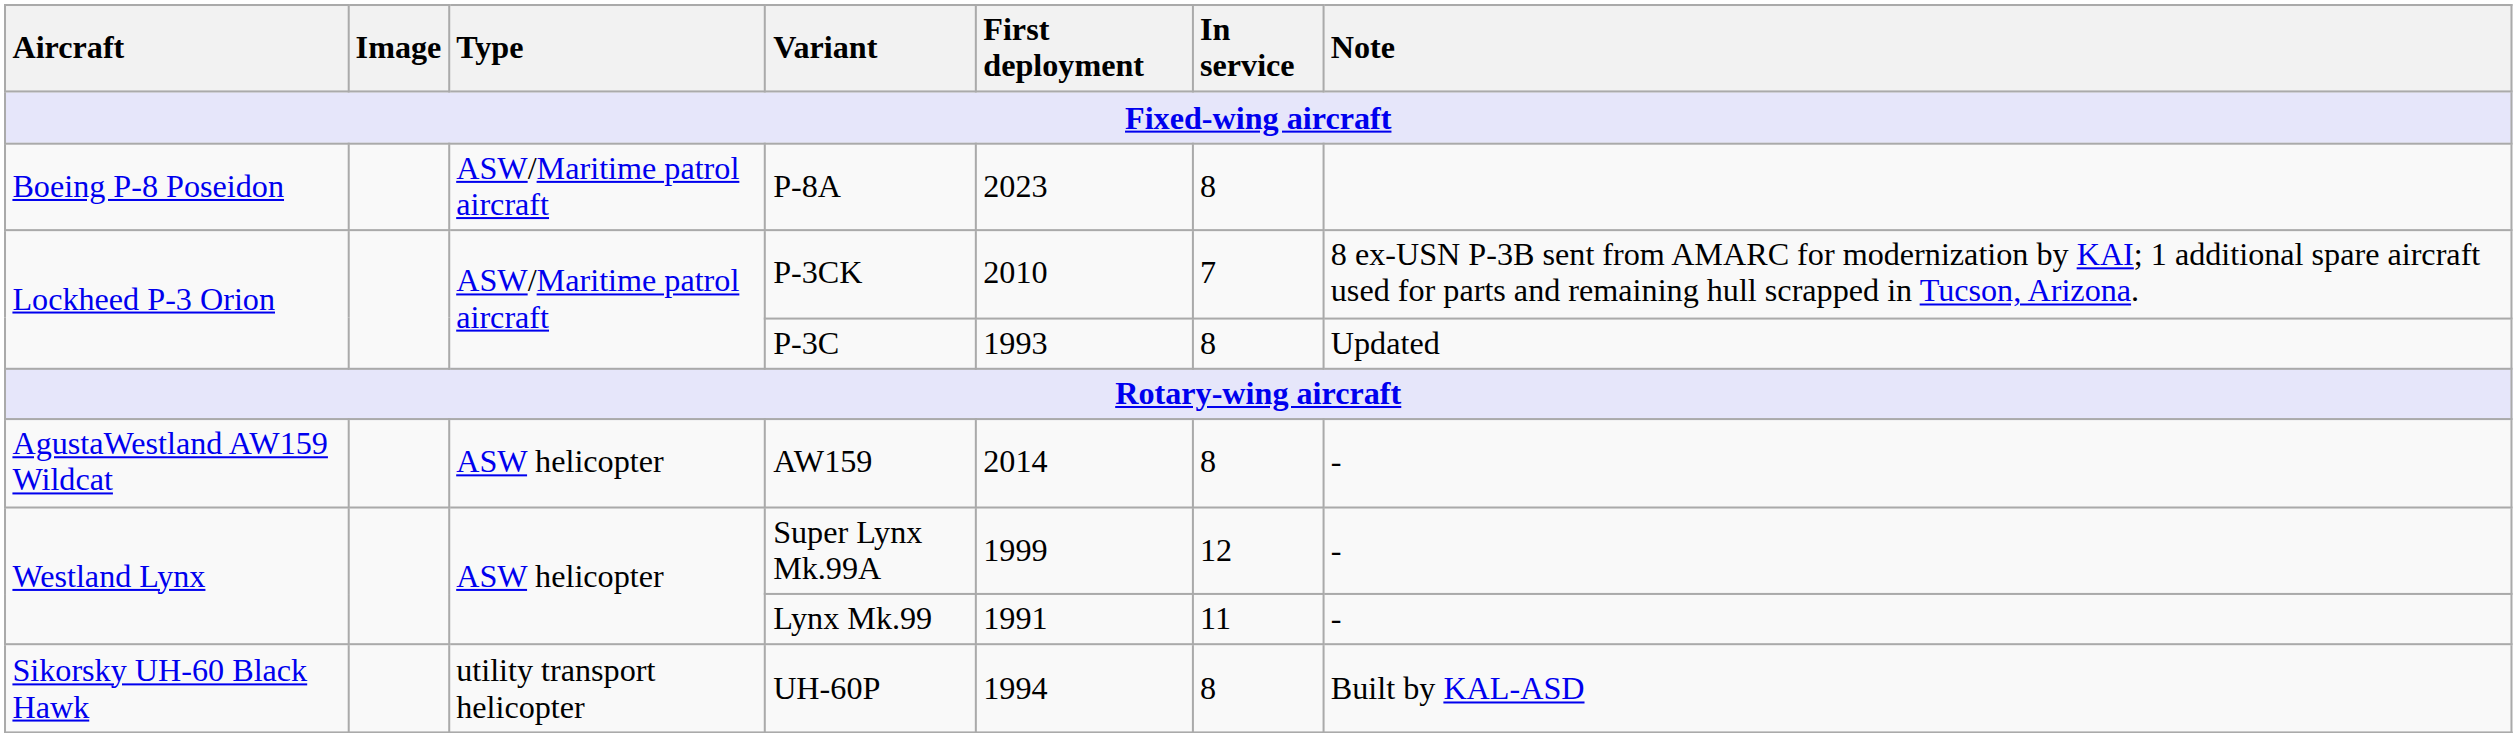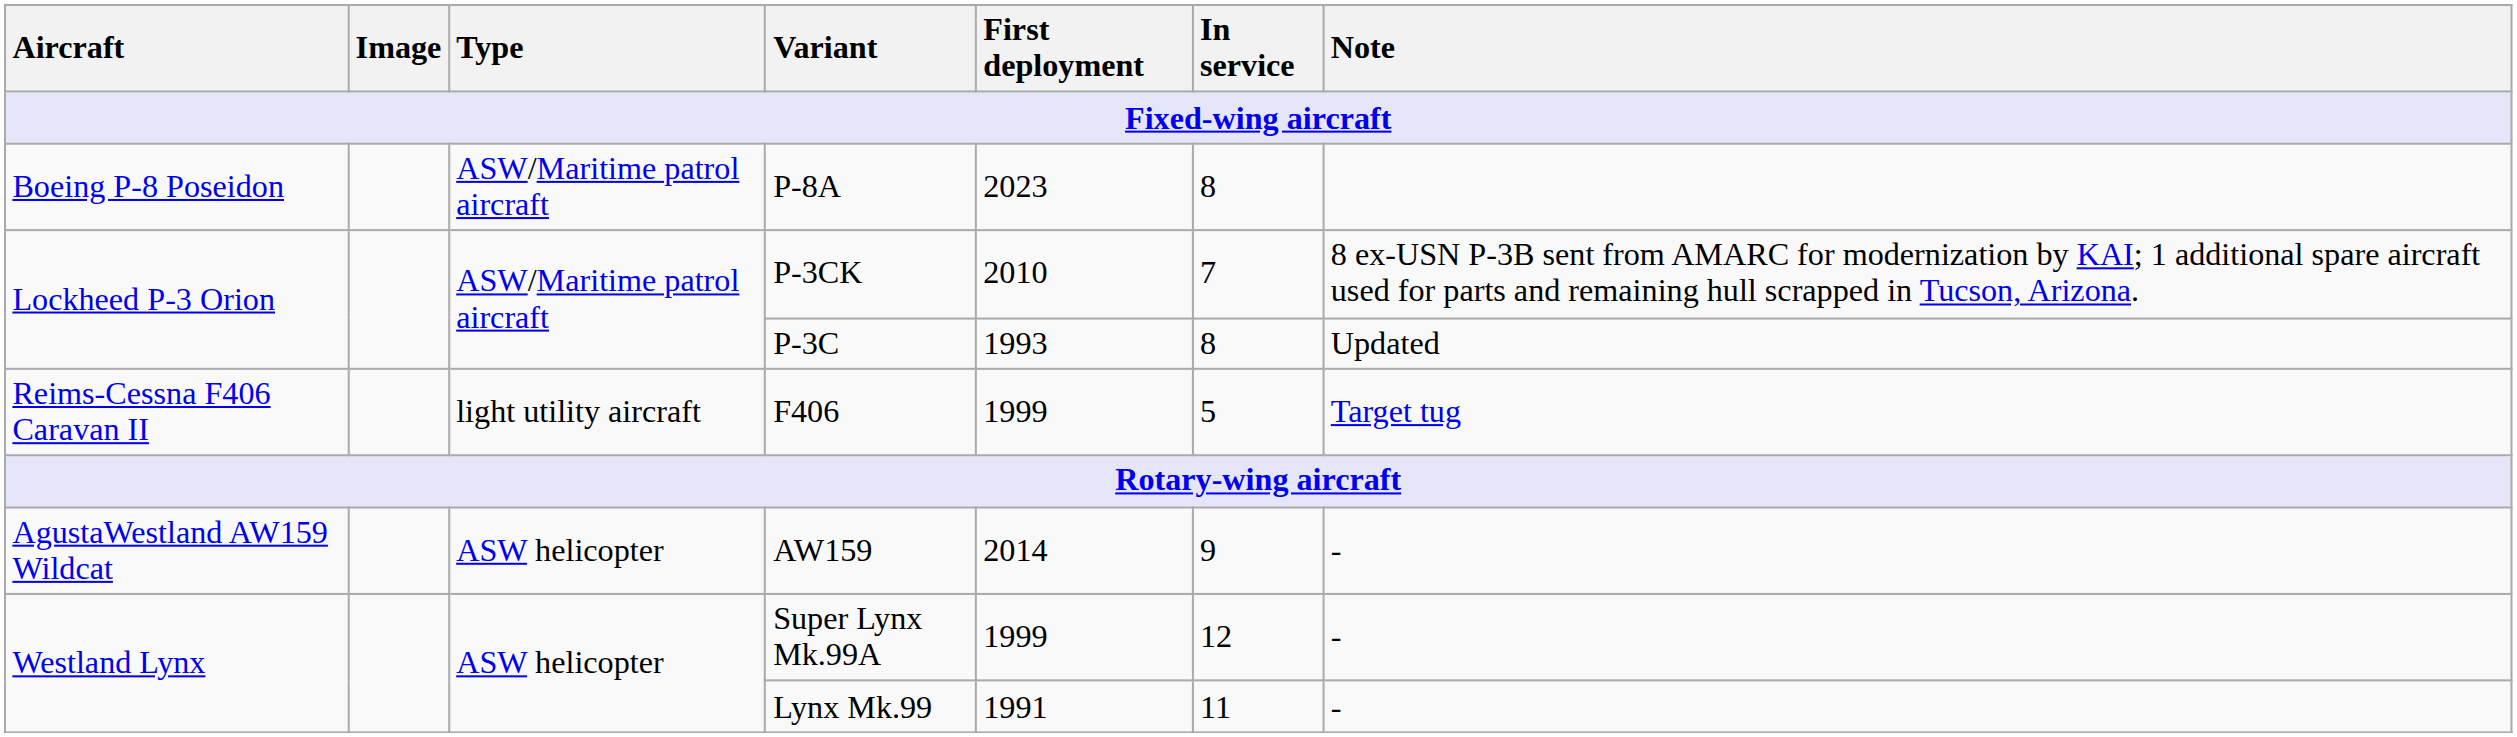 <table class="wikitable">
 <tr>
 <th style="text-align:left;">Aircraft</th>
 <th style="text-align:left;">Image</th>
 <th style="text-align:left;">Type</th>
 <th style="text-align:left;">Variant</th>
 <th style="text-align:left;">First deployment</th>
 <th style="text-align:left;">In service</th>
 <th style="text-align:left;">Note</th>
 </tr>
 <tr>
 <th colspan="7" style="align: center; background: lavender;"><strong><a href='#'>Fixed-wing aircraft</a></strong></th>
 </tr>
 <tr>
 <td><a href='#'>Boeing P-8 Poseidon</a></td>
 <td></td>
 <td><a href='#'>ASW</a>/<a href='#'>Maritime patrol aircraft</a></td>
 <td>P-8A</td>
 <td>2023</td>
 <td>8</td>
 <td></td>
 </tr>
 <tr>
 <td rowspan="2"><a href='#'>Lockheed P-3 Orion</a></td>
 <td rowspan="2"></td>
 <td rowspan="2"><a href='#'>ASW</a>/<a href='#'>Maritime patrol aircraft</a></td>
 <td>P-3CK</td>
 <td>2010</td>
 <td>7</td>
 <td>8 ex-USN P-3B sent from AMARC for modernization by <a href='#'>KAI</a>; 1 additional spare aircraft used for parts and remaining hull scrapped in <a href='#'>Tucson, Arizona</a>.</td>
 </tr>
 <tr>
 <td>P-3C</td>
 <td>1993</td>
 <td>8</td>
 <td>Updated</td>
 </tr>
 <tr>
+<td><a href='#'>Reims-Cessna F406 Caravan II</a></td>
+<td></td>
+<td>light utility aircraft</td>
+<td>F406</td>
+<td>1999</td>
+<td>5</td>
+<td><a href='#'>Target tug</a></td>
+</tr>
+<tr>
 <th colspan="7" style="align: center; background: lavender;"><strong><a href='#'>Rotary-wing aircraft</a></strong></th>
 </tr>
 <tr>
 <td><a href='#'>AgustaWestland AW159 Wildcat</a></td>
 <td></td>
 <td><a href='#'>ASW</a> helicopter</td>
 <td>AW159</td>
 <td>2014</td>
-<td>8</td>
+<td>9</td>
 <td>-</td>
 </tr>
 <tr>
 <td rowspan="2"><a href='#'>Westland Lynx</a></td>
 <td rowspan="2"></td>
 <td rowspan="2"><a href='#'>ASW</a> helicopter</td>
 <td>Super Lynx Mk.99A</td>
 <td>1999</td>
 <td>12</td>
 <td>-</td>
 </tr>
 <tr>
 <td>Lynx Mk.99</td>
 <td>1991</td>
 <td>11</td>
 <td>-</td>
 </tr>
 <tr>
-<td><a href='#'>Sikorsky UH-60 Black Hawk</a></td>
-<td></td>
-<td>utility transport helicopter</td>
-<td>UH-60P</td>
-<td>1994</td>
-<td>8</td>
-<td>Built by <a href='#'>KAL-ASD</a></td>
-</tr>
-<tr>
 </tr>
 </table>
